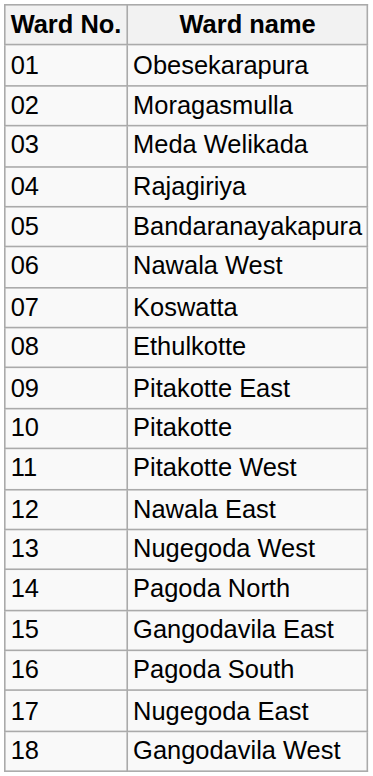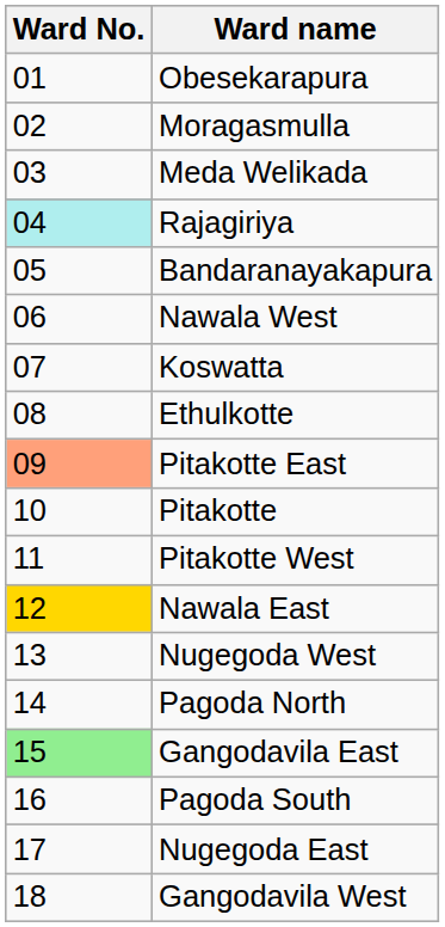 <table class="wikitable">
 <tr>
 <th>Ward No.</th>
 <th>Ward name</th>
 </tr>
 <tr>
 <td>01</td>
 <td>Obesekarapura</td>
 </tr>
 <tr>
 <td>02</td>
 <td>Moragasmulla</td>
 </tr>
 <tr>
 <td>03</td>
 <td>Meda Welikada</td>
 </tr>
 <tr>
-<td>04</td>
+<td style="background: paleturquoise;">04</td>
 <td>Rajagiriya</td>
 </tr>
 <tr>
 <td>05</td>
 <td>Bandaranayakapura</td>
 </tr>
 <tr>
 <td>06</td>
 <td>Nawala West</td>
 </tr>
 <tr>
 <td>07</td>
 <td>Koswatta</td>
 </tr>
 <tr>
 <td>08</td>
 <td>Ethulkotte</td>
 </tr>
 <tr>
-<td>09</td>
+<td style="background: lightsalmon;">09</td>
 <td>Pitakotte East</td>
 </tr>
 <tr>
 <td>10</td>
 <td>Pitakotte</td>
 </tr>
 <tr>
 <td>11</td>
 <td>Pitakotte West</td>
 </tr>
 <tr>
-<td>12</td>
+<td style="background: gold;">12</td>
 <td>Nawala East</td>
 </tr>
 <tr>
 <td>13</td>
 <td>Nugegoda West</td>
 </tr>
 <tr>
 <td>14</td>
 <td>Pagoda North</td>
 </tr>
 <tr>
-<td>15</td>
+<td style="background: lightgreen;">15</td>
 <td>Gangodavila East</td>
 </tr>
 <tr>
 <td>16</td>
 <td>Pagoda South</td>
 </tr>
 <tr>
 <td>17</td>
 <td>Nugegoda East</td>
 </tr>
 <tr>
 <td>18</td>
 <td>Gangodavila West</td>
 </tr>
 </table>
